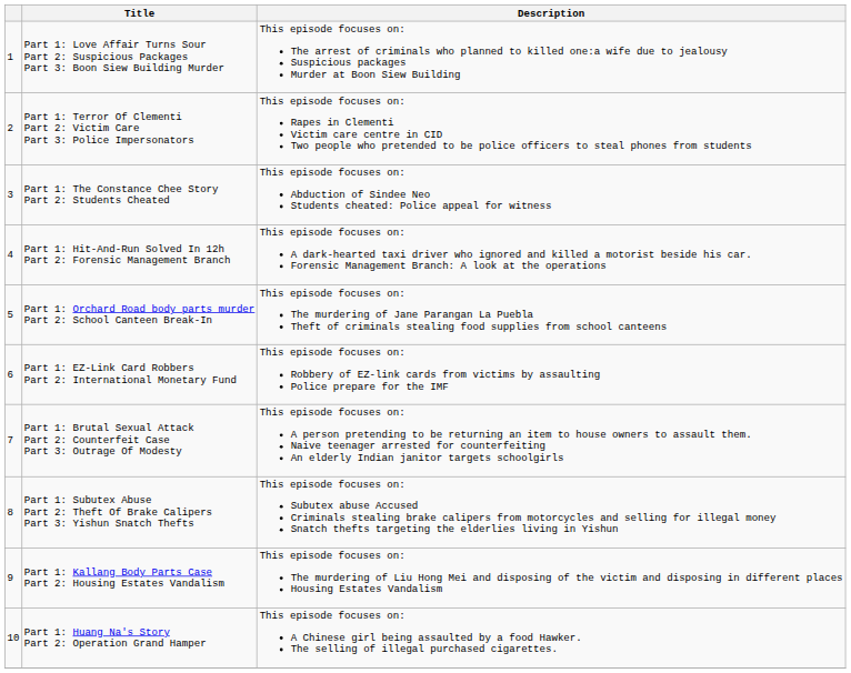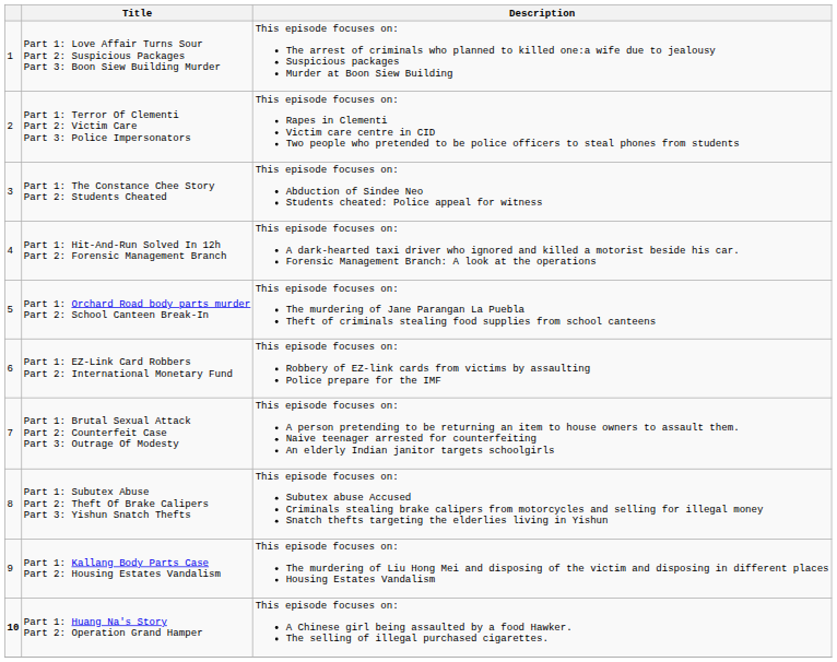 <table class="wikitable">
 <tr>
 <th></th>
 <th>Title</th>
 <th>Description</th>
 </tr>
 <tr>
 <td>1</td>
 <td>Part 1: Love Affair Turns Sour <br>Part 2: Suspicious Packages <br>Part 3: Boon Siew Building Murder</td>
 <td>This episode focuses on:<br><ul><li>The arrest of criminals who planned to killed one:a wife due to jealousy</li><li>Suspicious packages</li><li>Murder at Boon Siew Building</li></ul></td>
 </tr>
 <tr>
 <td>2</td>
 <td>Part 1: Terror Of Clementi <br>Part 2: Victim Care <br>Part 3: Police Impersonators</td>
 <td>This episode focuses on:<br><ul><li>Rapes in Clementi</li><li>Victim care centre in CID</li><li>Two people who pretended to be police officers to steal phones from students</li></ul></td>
 </tr>
 <tr>
 <td>3</td>
 <td>Part 1: The Constance Chee Story <br>Part 2: Students Cheated</td>
 <td>This episode focuses on:<br><ul><li>Abduction of Sindee Neo</li><li>Students cheated: Police appeal for witness</li></ul></td>
 </tr>
 <tr>
 <td>4</td>
 <td>Part 1: Hit-And-Run Solved In 12h <br>Part 2: Forensic Management Branch</td>
 <td>This episode focuses on:<br><ul><li>A dark-hearted taxi driver who ignored and killed a motorist beside his car.</li><li>Forensic Management Branch: A look at the operations</li></ul></td>
 </tr>
 <tr>
 <td>5</td>
 <td>Part 1: <a href='#'>Orchard Road body parts murder</a> <br>Part 2: School Canteen Break-In</td>
 <td>This episode focuses on:<br><ul><li>The murdering of Jane Parangan La Puebla</li><li>Theft of criminals stealing food supplies from school canteens</li></ul></td>
 </tr>
 <tr>
 <td>6</td>
 <td>Part 1: EZ-Link Card Robbers <br>Part 2: International Monetary Fund</td>
 <td>This episode focuses on:<br><ul><li>Robbery of EZ-link cards from victims by assaulting</li><li>Police prepare for the IMF</li></ul></td>
 </tr>
 <tr>
 <td>7</td>
 <td>Part 1: Brutal Sexual Attack <br>Part 2: Counterfeit Case <br>Part 3: Outrage Of Modesty</td>
 <td>This episode focuses on:<br><ul><li>A person pretending to be returning an item to house owners to assault them.</li><li>Naive teenager arrested for counterfeiting</li><li>An elderly Indian janitor targets schoolgirls</li></ul></td>
 </tr>
 <tr>
 <td>8</td>
 <td>Part 1: Subutex Abuse <br>Part 2: Theft Of Brake Calipers <br>Part 3: Yishun Snatch Thefts</td>
 <td>This episode focuses on:<br><ul><li>Subutex abuse Accused</li><li>Criminals stealing brake calipers from motorcycles and selling for illegal money</li><li>Snatch thefts targeting the elderlies living in Yishun</li></ul></td>
 </tr>
 <tr>
 <td>9</td>
 <td>Part 1: <a href='#'>Kallang Body Parts Case</a> <br>Part 2: Housing Estates Vandalism</td>
 <td>This episode focuses on:<br><ul><li>The murdering of Liu Hong Mei and disposing of the victim and disposing in different places</li><li>Housing Estates Vandalism</li></ul></td>
 </tr>
 <tr>
-<td>10</td>
+<td><strong>10</strong></td>
 <td>Part 1: <a href='#'>Huang Na's Story</a> <br>Part 2: Operation Grand Hamper</td>
 <td>This episode focuses on:<br><ul><li>A Chinese girl being assaulted by a food Hawker.</li><li>The selling of illegal purchased cigarettes.</li></ul></td>
 </tr>
 <tr>
 </tr>
 </table>
